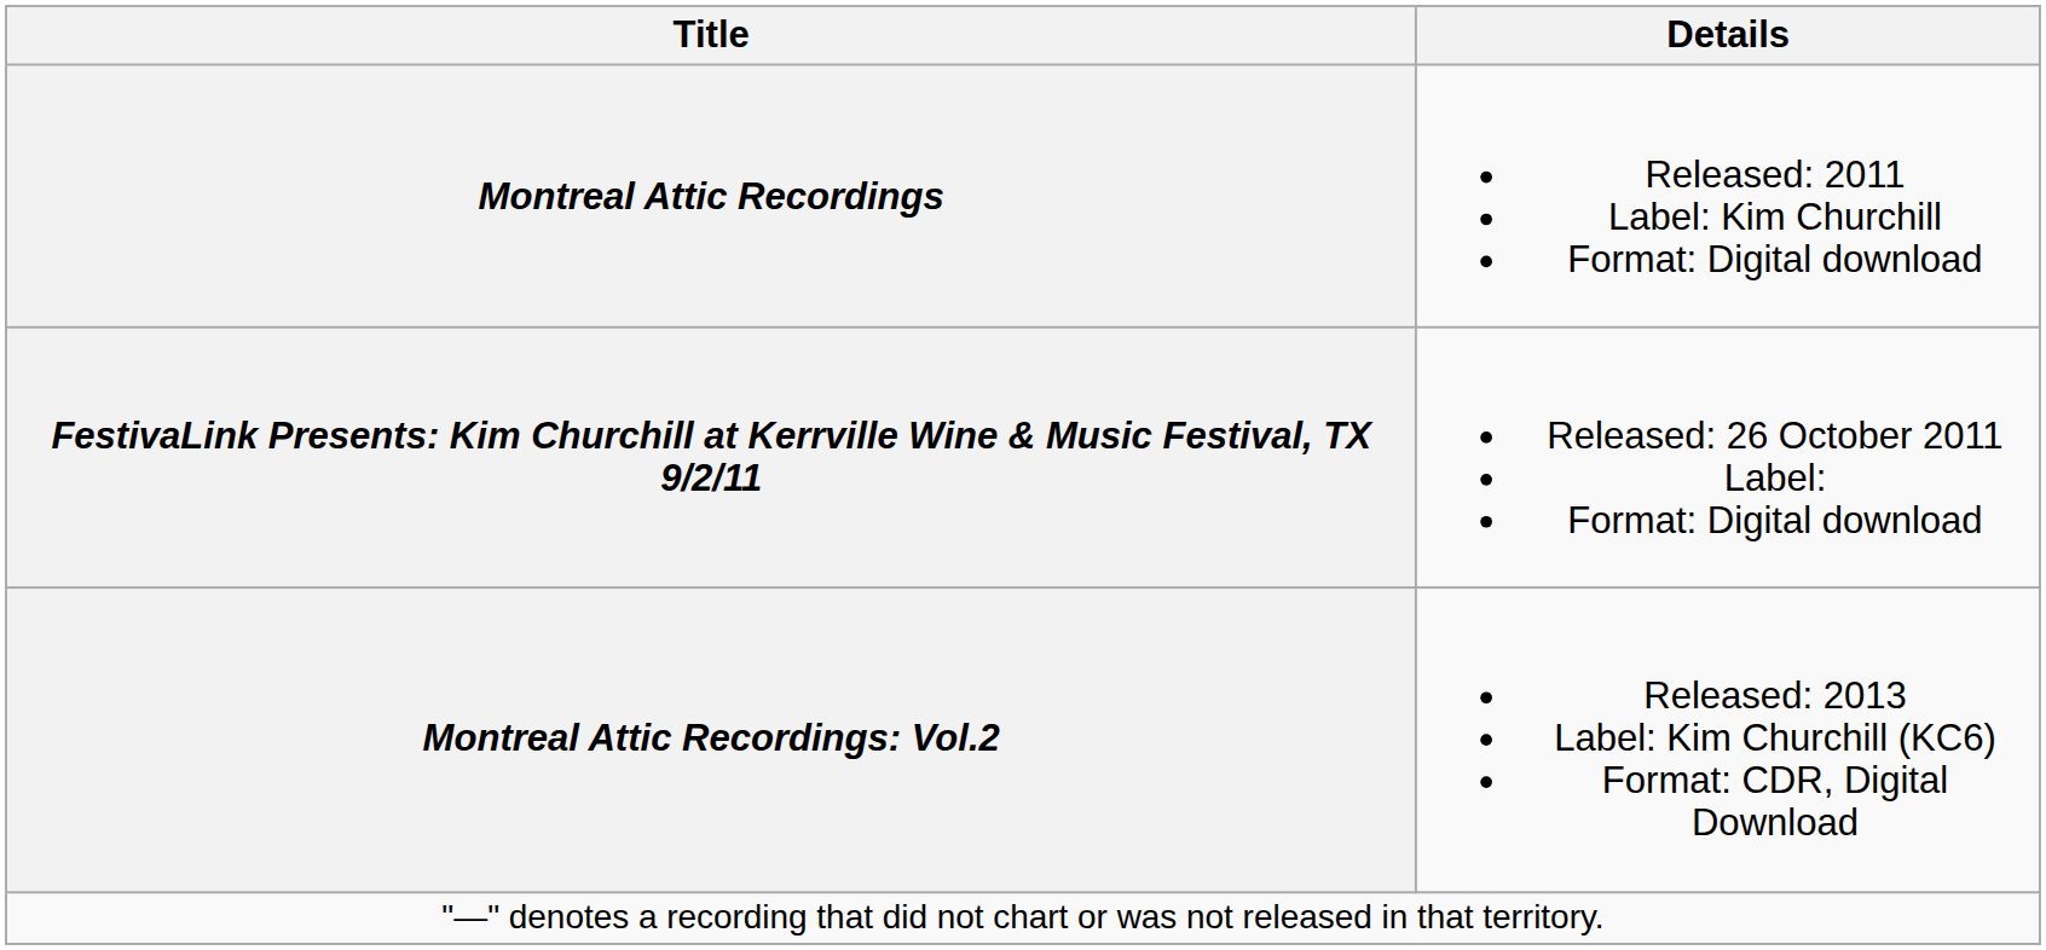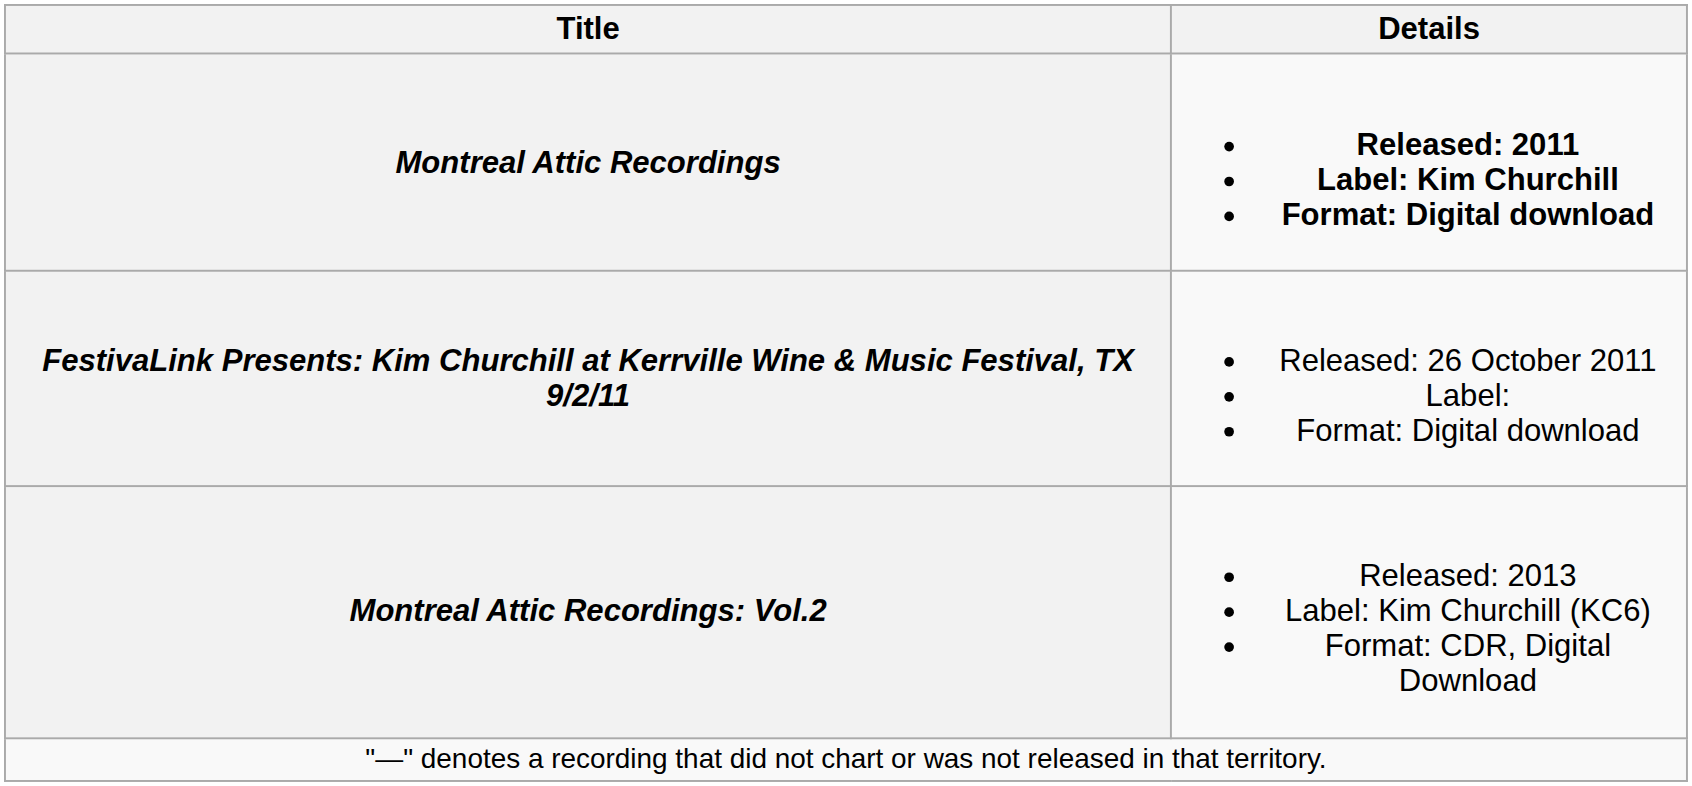 <table class="wikitable plainrowheaders" style="text-align:center;" border="1">
 <tr>
 <th scope="col">Title</th>
 <th scope="col">Details</th>
 </tr>
 <tr>
 <th scope="row"><em>Montreal Attic Recordings</em></th>
-<td><br><ul><li>Released: 2011</li><li>Label: Kim Churchill</li><li>Format: Digital download</li></ul></td>
+<td><strong><br><ul><li>Released: 2011</li><li>Label: Kim Churchill</li><li>Format: Digital download</li></ul></strong></td>
 </tr>
 <tr>
 <th scope="row"><em>FestivaLink Presents: Kim Churchill at Kerrville Wine & Music Festival, TX 9/2/11</em></th>
 <td><br><ul><li>Released: 26 October 2011</li><li>Label:</li><li>Format: Digital download</li></ul></td>
 </tr>
 <tr>
 <th scope="row"><em>Montreal Attic Recordings: Vol.2</em></th>
 <td><br><ul><li>Released: 2013</li><li>Label: Kim Churchill (KC6)</li><li>Format: CDR, Digital Download</li></ul></td>
 </tr>
 <tr>
 <td colspan="13" style="font-size:90%">"—" denotes a recording that did not chart or was not released in that territory.</td>
 </tr>
 </table>
